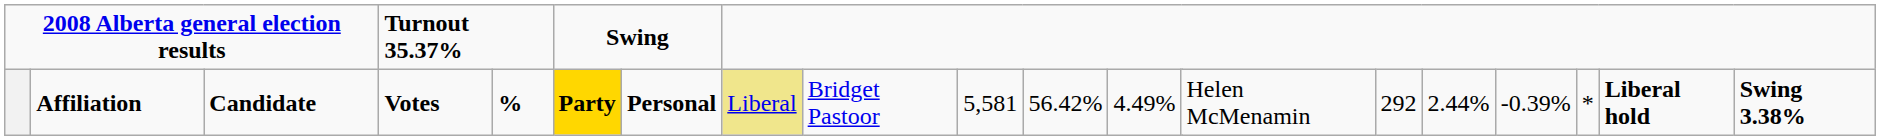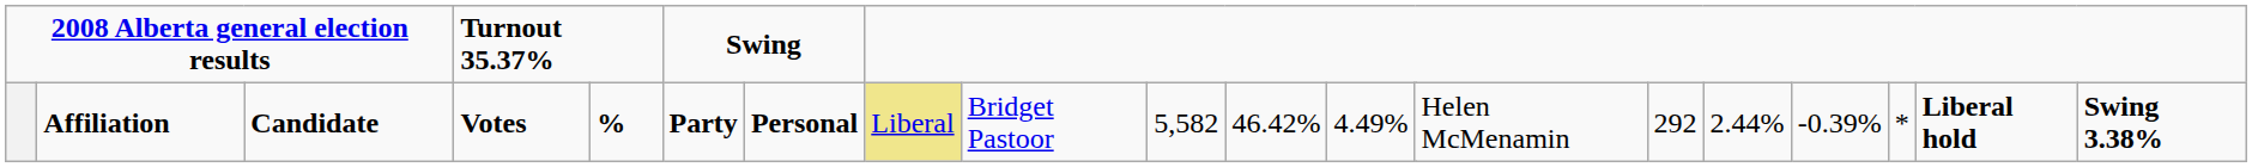 <table class="wikitable">
 <tr>
 <td colspan="3" align=center><strong><a href='#'>2008 Alberta general election</a> results</strong></td>
 <td colspan="2"><strong>Turnout 35.37%</strong></td>
 <td colspan="2" align=center><strong>Swing</strong></td>
 </tr>
 <tr>
 <th style="width: 10px;"></th>
 <td><strong>Affiliation</strong></td>
 <td><strong>Candidate</strong></td>
 <td><strong>Votes</strong></td>
 <td><strong>%</strong></td>
-<td style="background: gold;"><strong>Party</strong></td>
+<td><strong>Party</strong></td>
 <td><strong>Personal</strong><br></td>
 <td style="background: khaki;"><a href='#'>Liberal</a></td>
 <td><a href='#'>Bridget Pastoor</a></td>
-<td>5,581</td>
-<td>56.42%</td>
+<td>5,582</td>
+<td>46.42%</td>
 <td colspan=2 align=center>4.49%<br>   </td>
 <td>Helen McMenamin</td>
 <td>292</td>
 <td>2.44%</td>
 <td>-0.39%</td>
 <td align=center>*<br>   </td>
 <td colspan=4><strong>Liberal hold</strong></td>
 <td colspan=2><strong>Swing 3.38%</strong></td>
 </tr>
 </table>
